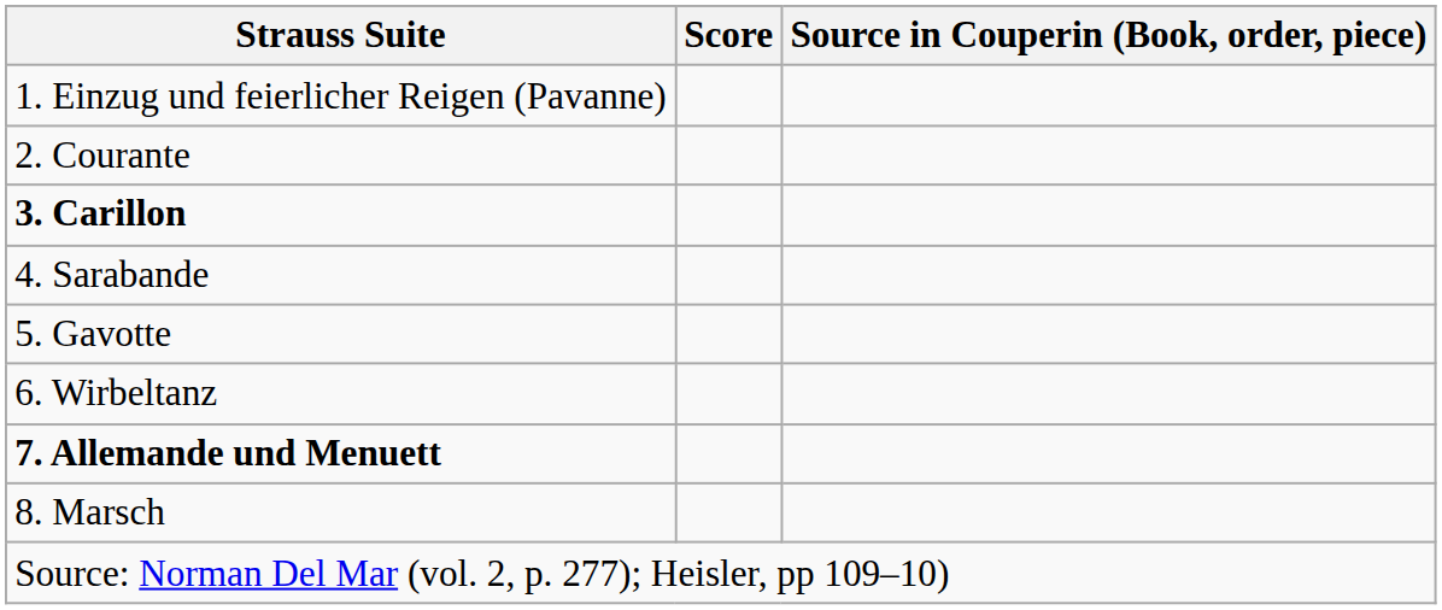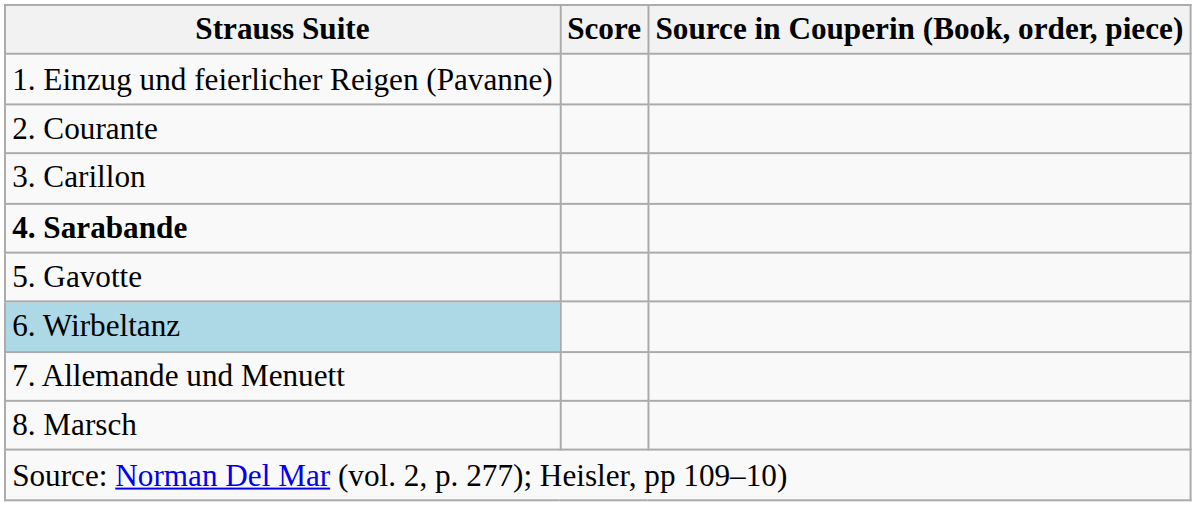 <table class="wikitable">
 <tr>
 <th bgcolor=ececec>Strauss Suite</th>
 <th>Score</th>
 <th bgcolor=ececec>Source in Couperin (Book, order, piece)</th>
 </tr>
 <tr>
 <td>1. Einzug und feierlicher Reigen (Pavanne)</td>
 <td></td>
 <td></td>
 </tr>
 <tr>
 <td>2. Courante</td>
 <td></td>
 <td></td>
 </tr>
 <tr>
-<td><strong>3. Carillon</strong></td>
+<td>3. Carillon</td>
 <td></td>
 <td></td>
 </tr>
 <tr>
-<td>4. Sarabande</td>
+<td><strong>4. Sarabande</strong></td>
 <td></td>
 <td></td>
 </tr>
 <tr>
 <td>5. Gavotte</td>
 <td></td>
 <td></td>
 </tr>
 <tr>
-<td>6. Wirbeltanz</td>
+<td style="background: lightblue;">6. Wirbeltanz</td>
 <td></td>
 <td></td>
 </tr>
 <tr>
-<td><strong>7. Allemande und Menuett</strong></td>
+<td>7. Allemande und Menuett</td>
 <td></td>
 <td></td>
 </tr>
 <tr>
 <td>8. Marsch</td>
 <td></td>
 <td></td>
 </tr>
 <tr>
 <td colspan="3">Source: <a href='#'>Norman Del Mar</a> (vol. 2, p. 277); Heisler, pp 109–10)</td>
 </tr>
 </table>
